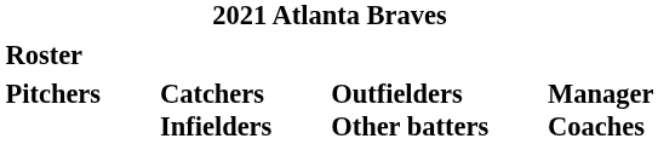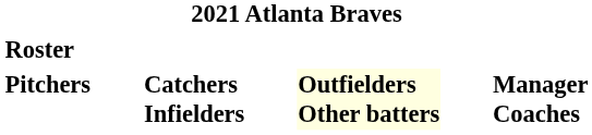 <table class="toccolours" style="font-size: 95%;">
 <tr>
 <th colspan="10">2021 Atlanta Braves</th>
 </tr>
 <tr>
 <td colspan="10"><strong>Roster</strong></td>
 </tr>
 <tr>
 <td valign="top"><strong>Pitchers</strong><br>                             </td>
 <td style="width:25px;"></td>
 <td valign="top"><strong>Catchers</strong><br>       <strong>Infielders</strong>       </td>
 <td style="width:25px;"></td>
-<td valign="top"><strong>Outfielders</strong><br>           <strong>Other batters</strong> </td>
+<td valign="top" style="background: lightyellow;"><strong>Outfielders</strong><br>           <strong>Other batters</strong> </td>
 <td style="width:25px;"></td>
 <td valign="top"><strong>Manager</strong><br> <strong>Coaches</strong>                            </td>
 </tr>
 </table>
